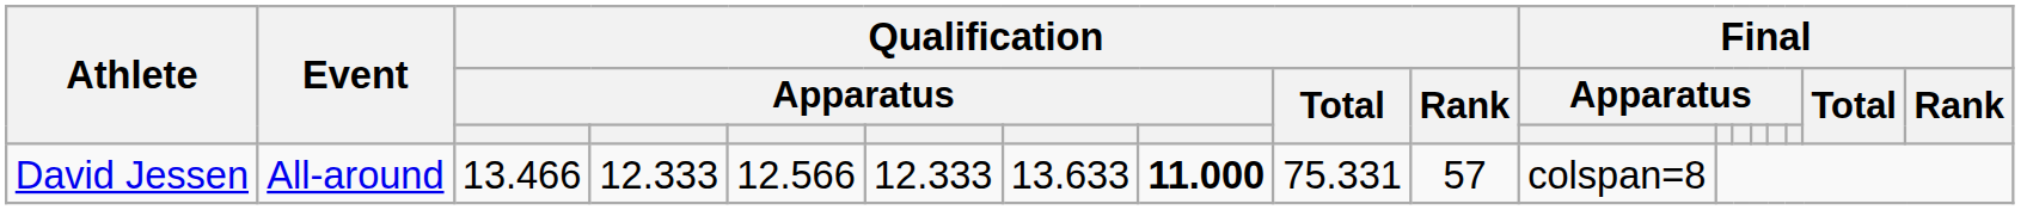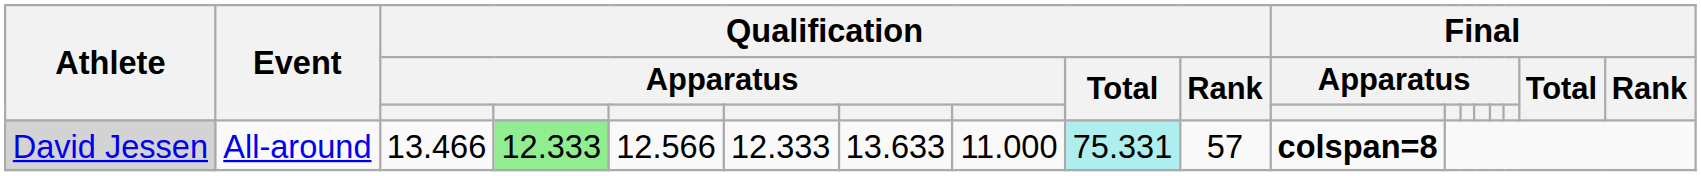 <table class="wikitable" style="font-size:90%">
 <tr>
 <th rowspan=3>Athlete</th>
 <th rowspan=3>Event</th>
 <th colspan=8>Qualification</th>
 <th colspan=8>Final</th>
 </tr>
 <tr style="font-size:95%">
 <th colspan=6>Apparatus</th>
 <th rowspan=2>Total</th>
 <th rowspan=2>Rank</th>
 <th colspan=6>Apparatus</th>
 <th rowspan=2>Total</th>
 <th rowspan=2>Rank</th>
 </tr>
 <tr style="font-size:95%">
 <th></th>
 <th></th>
 <th></th>
 <th></th>
 <th></th>
 <th></th>
 <th></th>
 <th></th>
 <th></th>
 <th></th>
 <th></th>
 <th></th>
 </tr>
 <tr align=center>
-<td align=left><a href='#'>David Jessen</a></td>
+<td align=left style="background: lightgrey;"><a href='#'>David Jessen</a></td>
 <td align=left><a href='#'>All-around</a></td>
 <td>13.466</td>
-<td>12.333</td>
+<td style="background: lightgreen;">12.333</td>
 <td>12.566</td>
 <td>12.333</td>
 <td>13.633</td>
-<td><strong>11.000</strong></td>
-<td>75.331</td>
+<td>11.000</td>
+<td style="background: paleturquoise;">75.331</td>
 <td>57</td>
-<td>colspan=8 </td>
+<td><strong>colspan=8 </strong></td>
 </tr>
 </table>
